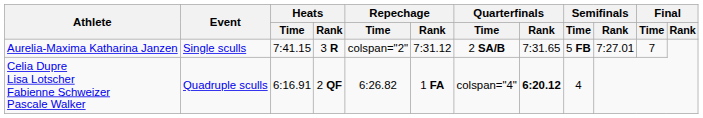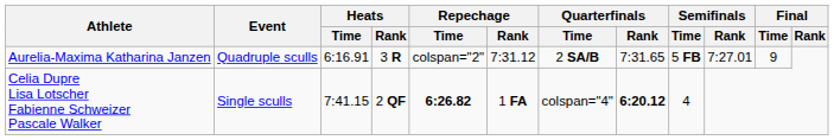 <table class=wikitable style=font-size:90%;text-align:center>
 <tr>
 <th rowspan=2>Athlete</th>
 <th rowspan=2>Event</th>
 <th colspan=2>Heats</th>
 <th colspan=2>Repechage</th>
 <th colspan=2>Quarterfinals</th>
 <th colspan=2>Semifinals</th>
 <th colspan=2>Final</th>
 </tr>
 <tr style=font-size:95%>
 <th>Time</th>
 <th>Rank</th>
 <th>Time</th>
 <th>Rank</th>
 <th>Time</th>
 <th>Rank</th>
 <th>Time</th>
 <th>Rank</th>
 <th>Time</th>
 <th>Rank</th>
 </tr>
 <tr>
 <td align=left><a href='#'>Aurelia-Maxima Katharina Janzen</a></td>
-<td align=left><a href='#'>Single sculls</a></td>
-<td>7:41.15</td>
+<td align=left><a href='#'>Quadruple sculls</a></td>
+<td>6:16.91</td>
 <td>3 <strong>R</strong></td>
 <td>colspan="2" </td>
 <td>7:31.12</td>
 <td>2 <strong>SA/B</strong></td>
 <td>7:31.65</td>
 <td>5 <strong>FB</strong></td>
 <td>7:27.01</td>
-<td>7</td>
+<td>9</td>
 </tr>
 <tr>
 <td align=left><a href='#'>Celia Dupre</a><br><a href='#'>Lisa Lotscher</a><br><a href='#'>Fabienne Schweizer</a><br><a href='#'>Pascale Walker</a></td>
-<td align=left><a href='#'>Quadruple sculls</a></td>
-<td>6:16.91</td>
+<td align=left><a href='#'>Single sculls</a></td>
+<td>7:41.15</td>
 <td>2 <strong>QF</strong></td>
-<td>6:26.82</td>
+<td><strong>6:26.82</strong></td>
 <td>1 <strong>FA</strong></td>
 <td>colspan="4" </td>
 <td><strong>6:20.12</strong></td>
 <td>4</td>
 </tr>
 </table>
